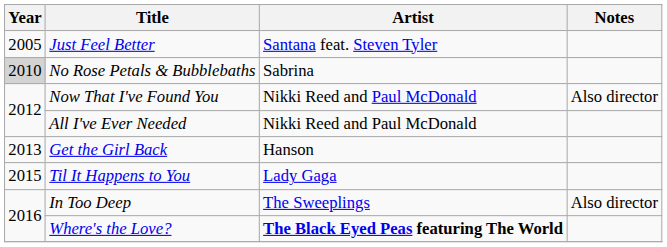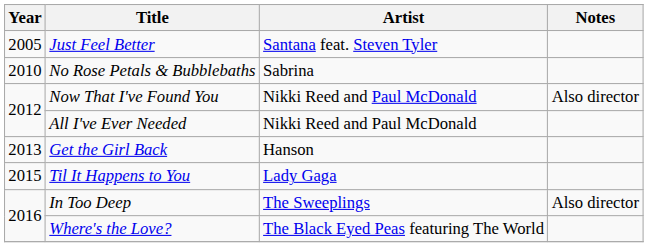 <table class="wikitable">
 <tr>
 <th>Year</th>
 <th>Title</th>
 <th>Artist</th>
 <th>Notes</th>
 </tr>
 <tr>
 <td>2005</td>
 <td><em><a href='#'>Just Feel Better</a></em></td>
 <td><a href='#'>Santana</a> feat. <a href='#'>Steven Tyler</a></td>
 <td></td>
 </tr>
 <tr>
-<td style="background: lightgrey;">2010</td>
+<td>2010</td>
 <td><em>No Rose Petals & Bubblebaths</em></td>
 <td>Sabrina</td>
 <td></td>
 </tr>
 <tr>
 <td rowspan="2">2012</td>
 <td><em>Now That I've Found You</em></td>
 <td>Nikki Reed and <a href='#'>Paul McDonald</a></td>
 <td>Also director</td>
 </tr>
 <tr>
 <td><em>All I've Ever Needed</em></td>
 <td>Nikki Reed and Paul McDonald</td>
 <td></td>
 </tr>
 <tr>
 <td>2013</td>
 <td><em><a href='#'>Get the Girl Back</a></em></td>
 <td>Hanson</td>
 <td></td>
 </tr>
 <tr>
 <td>2015</td>
 <td><em><a href='#'>Til It Happens to You</a></em></td>
 <td><a href='#'>Lady Gaga</a></td>
 <td></td>
 </tr>
 <tr>
 <td rowspan="2">2016</td>
 <td><em>In Too Deep</em></td>
 <td><a href='#'>The Sweeplings</a></td>
 <td>Also director</td>
 </tr>
 <tr>
 <td><a href='#'><em>Where's the Love?</em></a></td>
-<td><strong><a href='#'>The Black Eyed Peas</a> featuring The World</strong></td>
+<td><a href='#'>The Black Eyed Peas</a> featuring The World</td>
 <td></td>
 </tr>
 <tr>
 </tr>
 </table>
